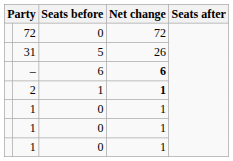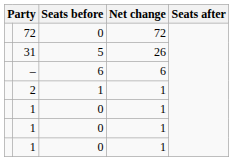 <table class=wikitable style="text-align:right">
 <tr>
 <th colspan="2">Party</th>
 <th>Seats before</th>
 <th>Net change</th>
 <th>Seats after</th>
 </tr>
 <tr>
 <td></td>
 <td>72</td>
 <td> 0</td>
 <td>72</td>
 </tr>
 <tr>
 <td></td>
 <td>31</td>
 <td> 5</td>
 <td>26</td>
 </tr>
 <tr>
 <td></td>
 <td>–</td>
 <td> 6</td>
-<td><strong>6</strong></td>
+<td>6</td>
 </tr>
 <tr>
 <td></td>
 <td>2</td>
 <td> 1</td>
-<td><strong>1</strong></td>
+<td>1</td>
 </tr>
 <tr>
 <td></td>
 <td>1</td>
 <td> 0</td>
 <td>1</td>
 </tr>
 <tr>
 <td></td>
 <td>1</td>
 <td> 0</td>
 <td>1</td>
 </tr>
 <tr>
 <td></td>
 <td>1</td>
 <td> 0</td>
 <td>1</td>
 </tr>
 </table>
